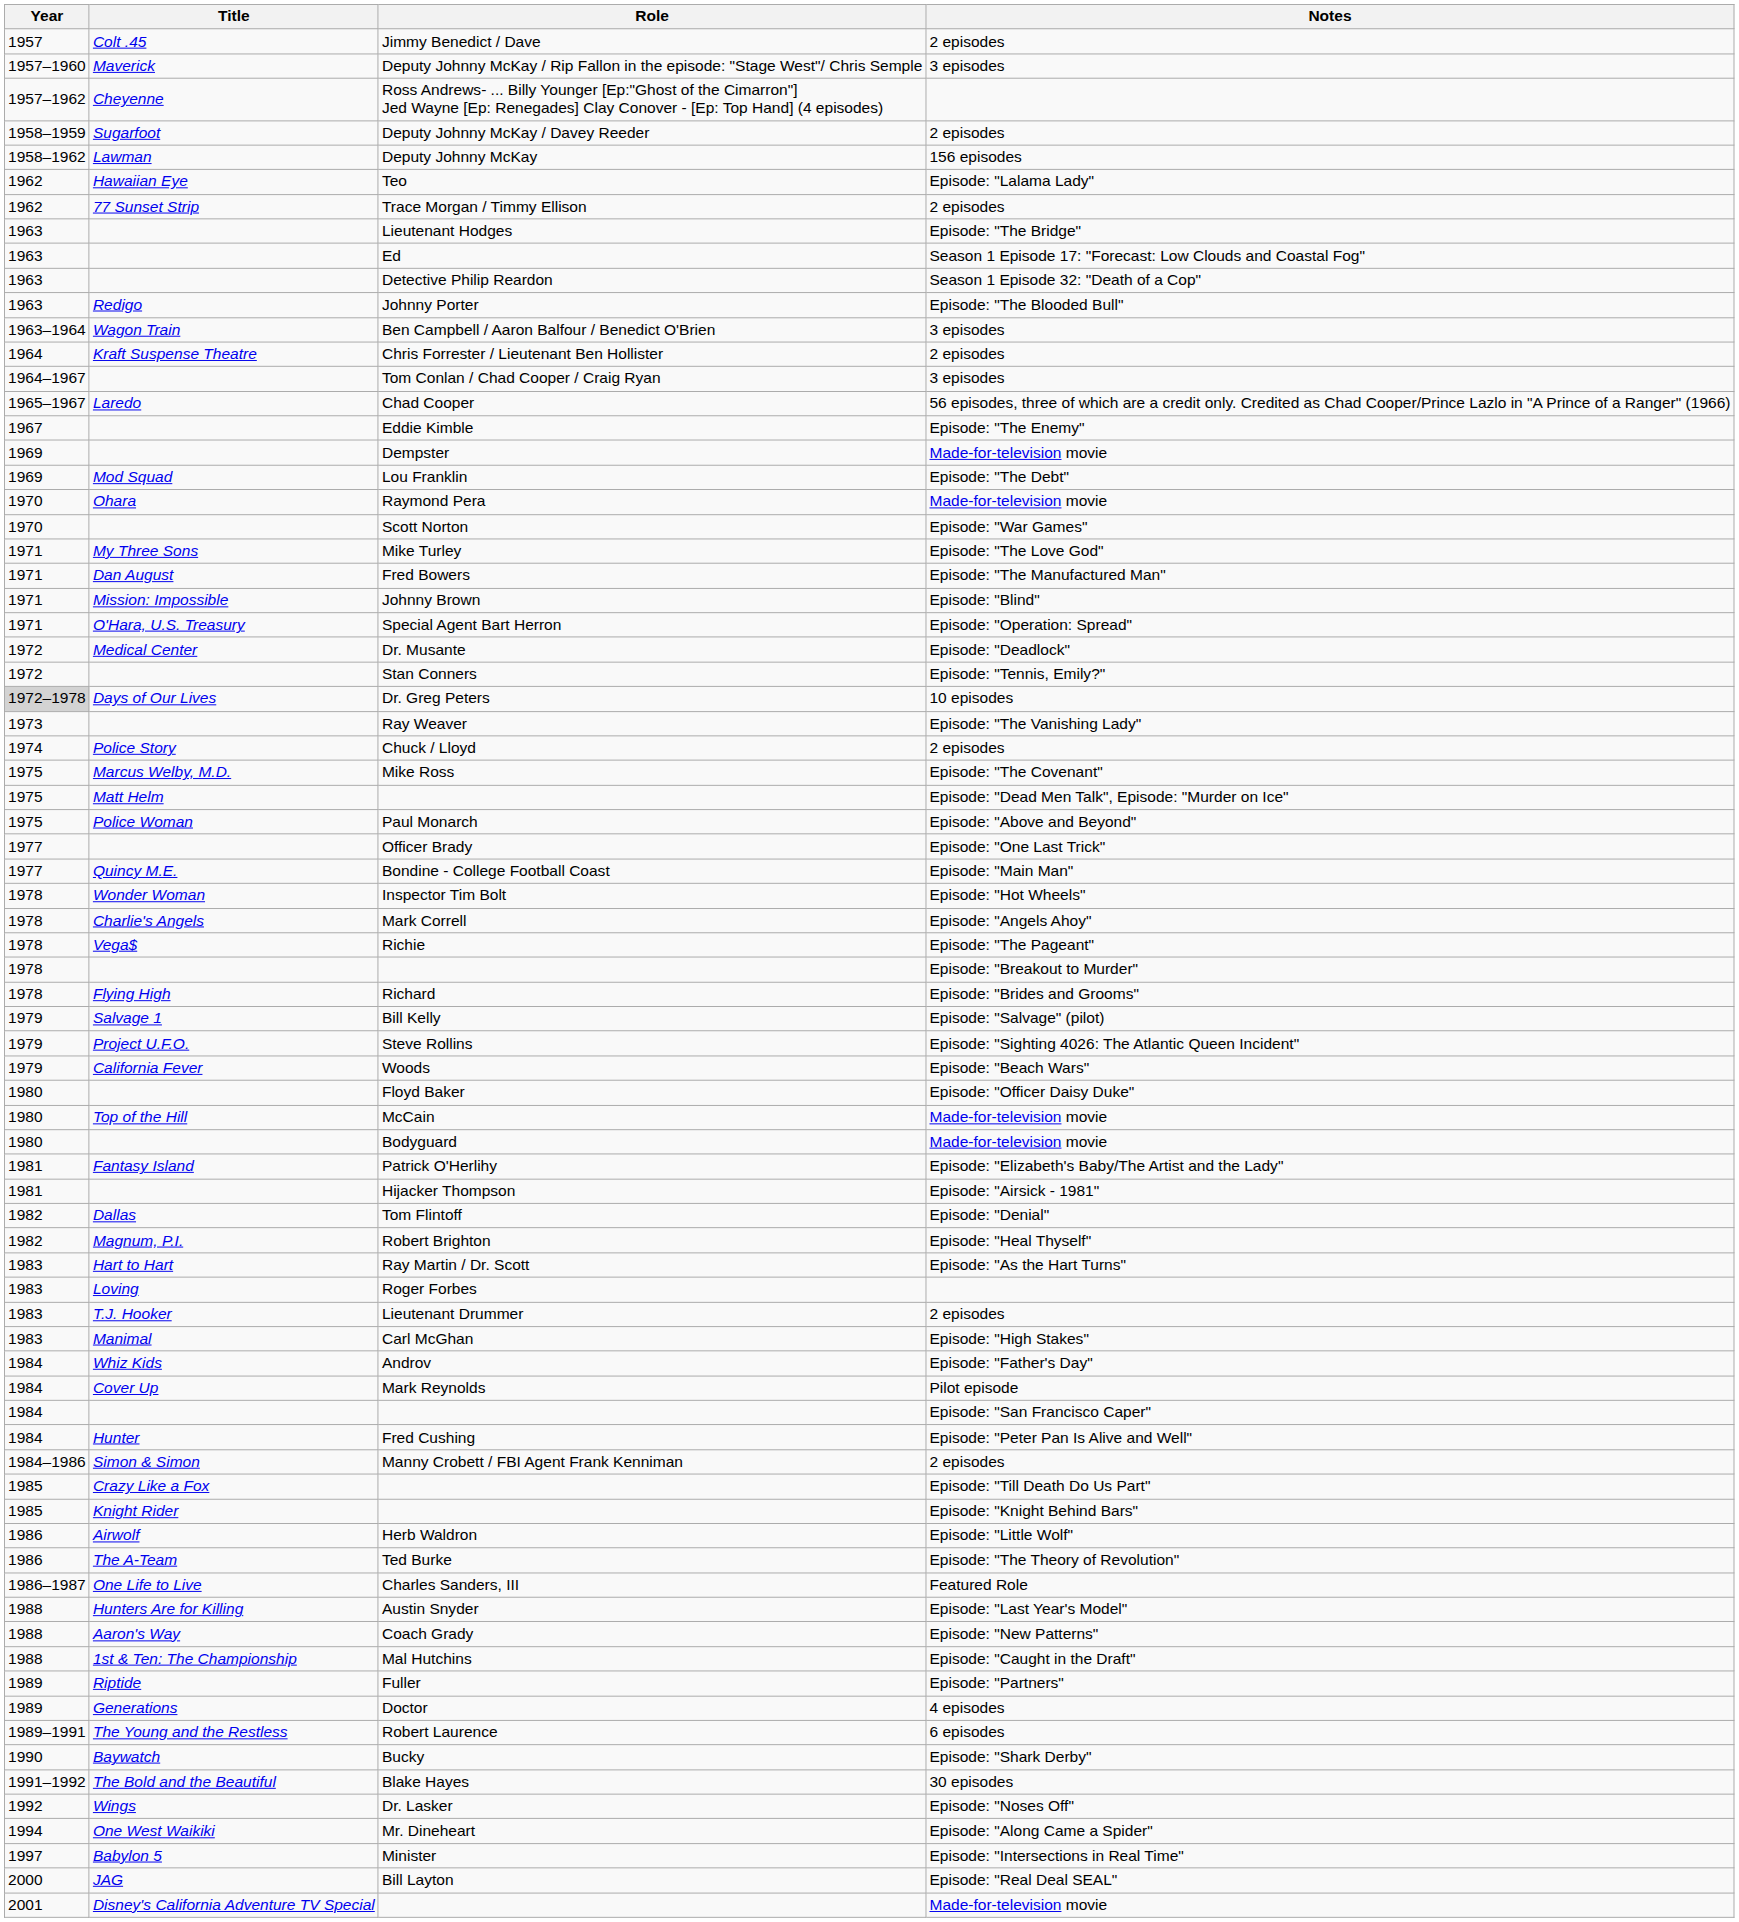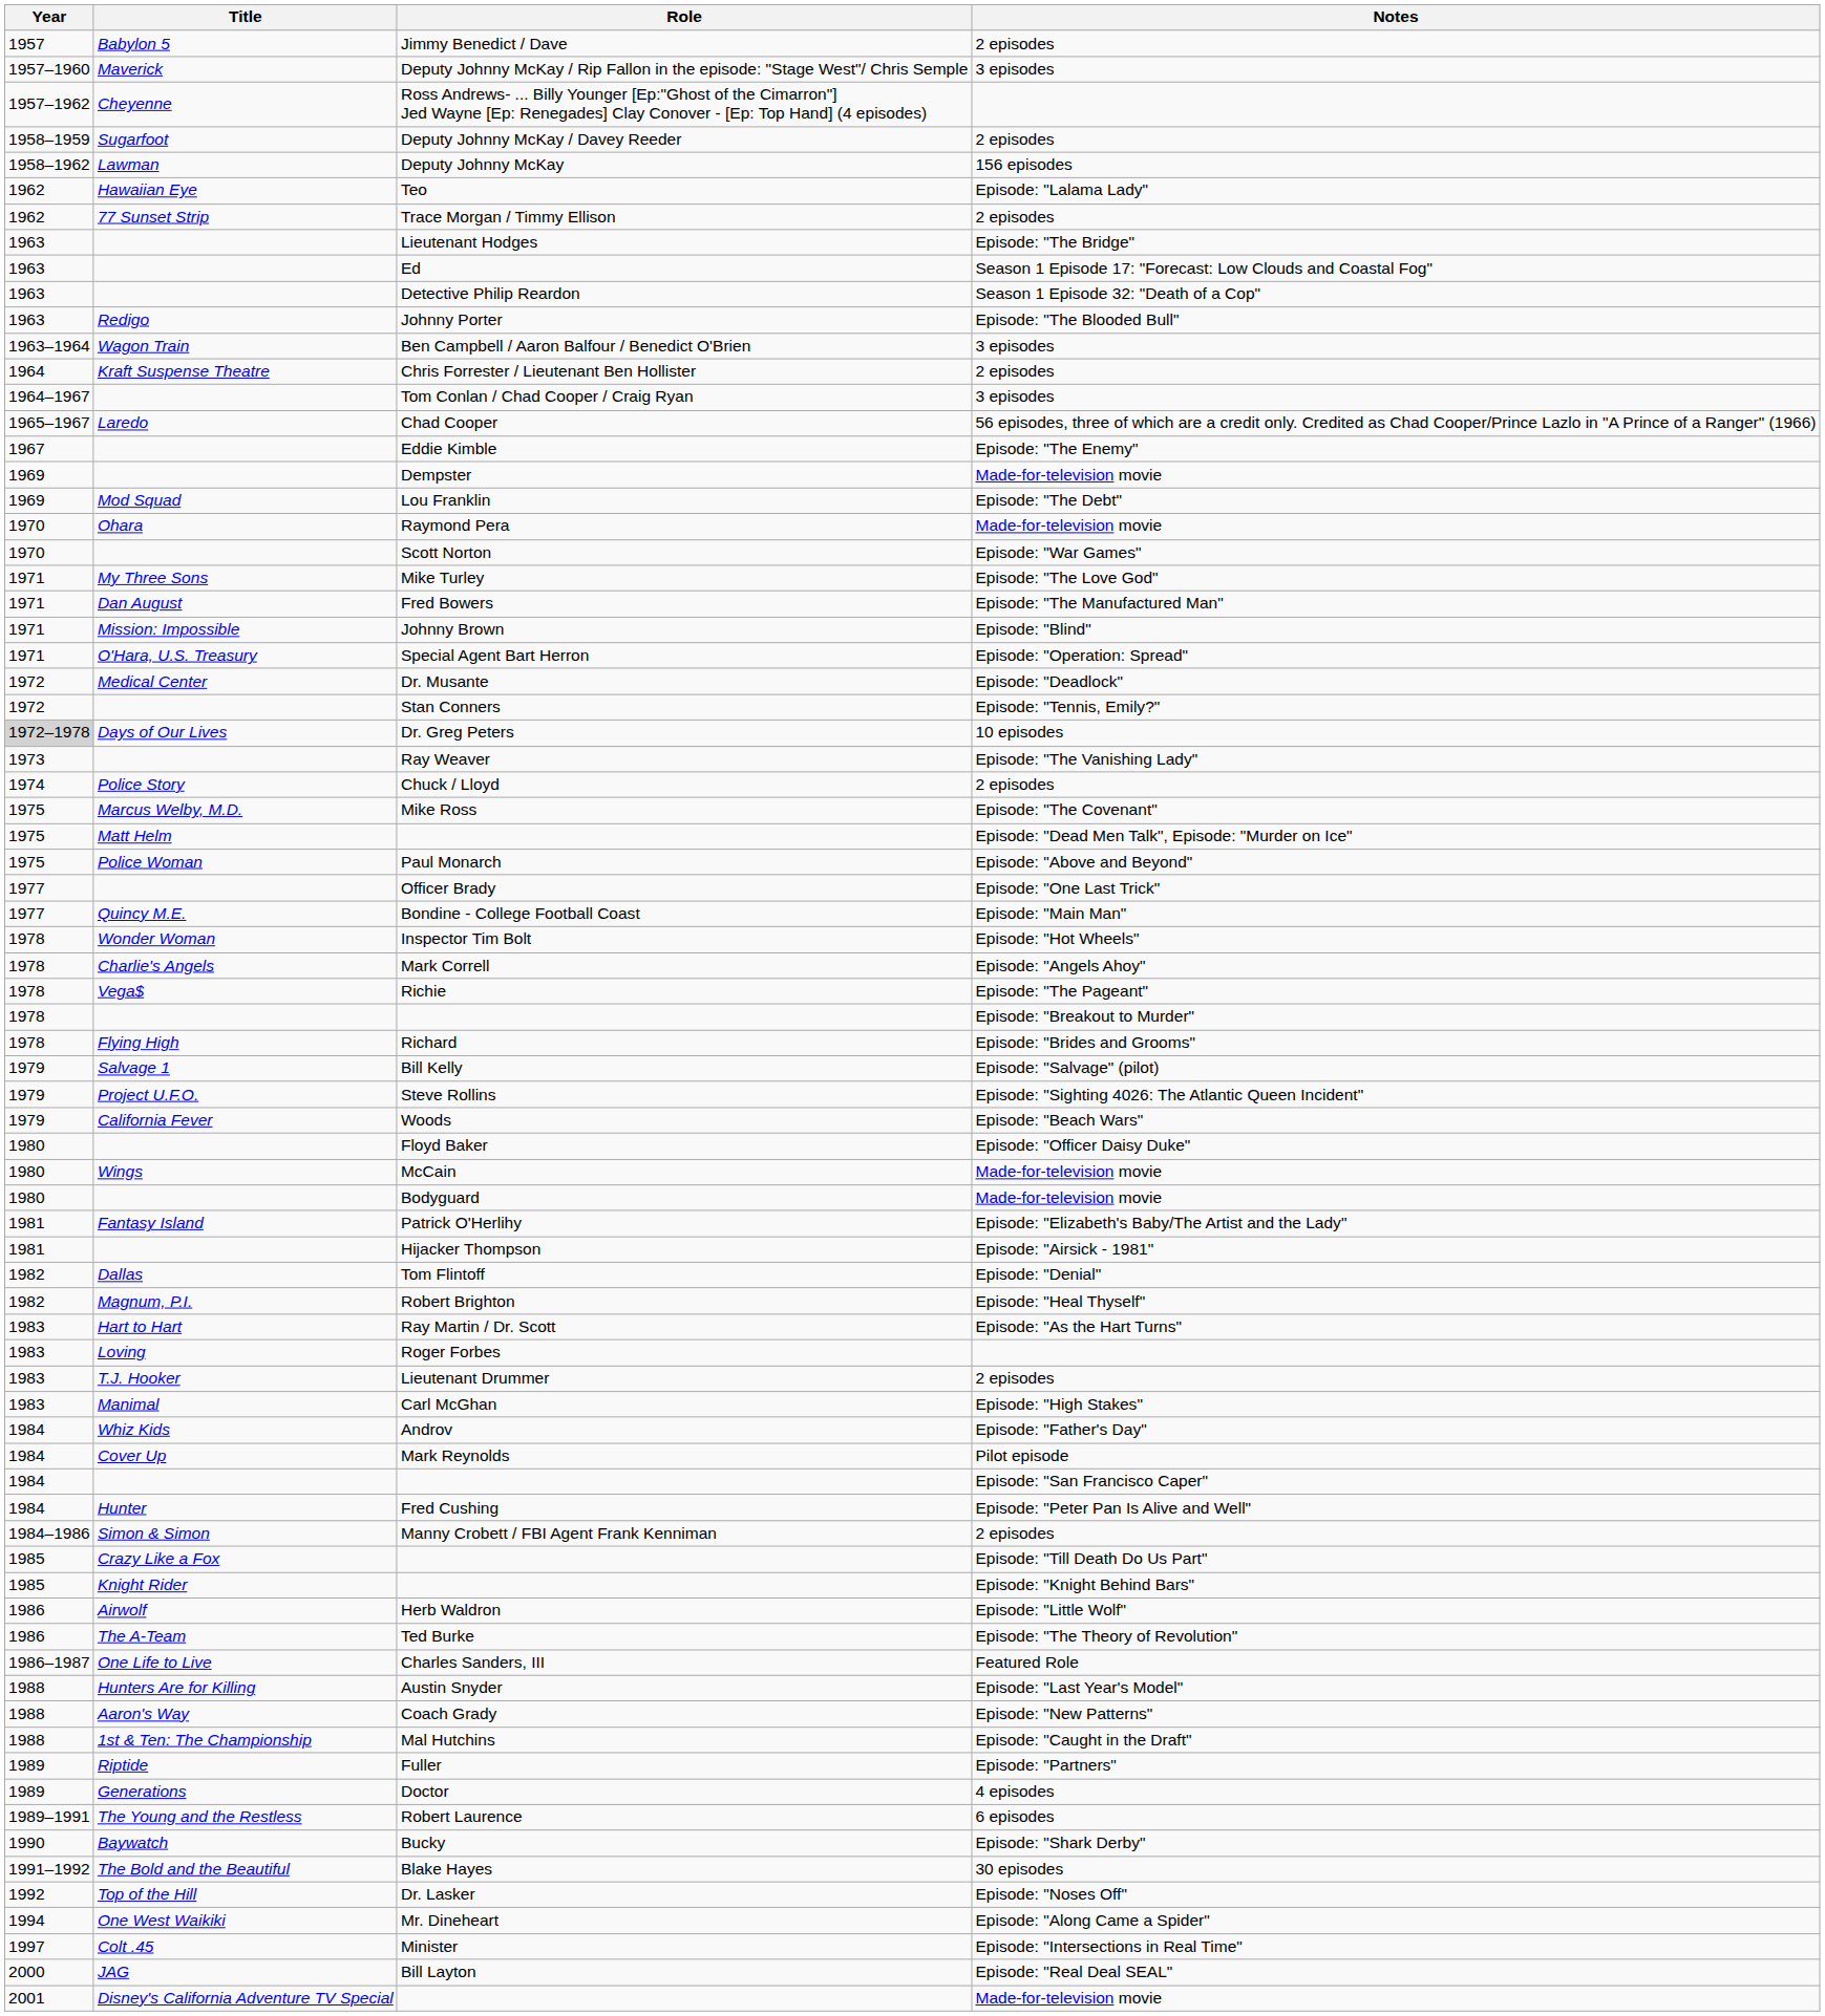 <table class="wikitable sortable">
 <tr>
 <th>Year</th>
 <th>Title</th>
 <th>Role</th>
 <th class="unsortable">Notes</th>
 </tr>
 <tr>
 <td>1957</td>
-<td><em><a href='#'>Colt .45</a></em></td>
+<td><em><a href='#'>Babylon 5</a></em></td>
 <td>Jimmy Benedict / Dave</td>
 <td>2 episodes</td>
 </tr>
 <tr>
 <td>1957–1960</td>
 <td><em><a href='#'>Maverick</a></em></td>
 <td>Deputy Johnny McKay / Rip Fallon in the episode: "Stage West"/ Chris Semple</td>
 <td>3 episodes</td>
 </tr>
 <tr>
 <td>1957–1962</td>
 <td><em><a href='#'>Cheyenne</a></em></td>
 <td>Ross Andrews- ... Billy Younger [Ep:"Ghost of the Cimarron"]<br>Jed Wayne [Ep: Renegades] Clay Conover - [Ep: Top Hand] (4 episodes)</td>
 </tr>
 <tr>
 <td>1958–1959</td>
 <td><em><a href='#'>Sugarfoot</a></em></td>
 <td>Deputy Johnny McKay / Davey Reeder</td>
 <td>2 episodes</td>
 </tr>
 <tr>
 <td>1958–1962</td>
 <td><em><a href='#'>Lawman</a></em></td>
 <td>Deputy Johnny McKay</td>
 <td>156 episodes</td>
 </tr>
 <tr>
 <td>1962</td>
 <td><em><a href='#'>Hawaiian Eye</a></em></td>
 <td>Teo</td>
 <td>Episode: "Lalama Lady"</td>
 </tr>
 <tr>
 <td>1962</td>
 <td><em><a href='#'>77 Sunset Strip</a></em></td>
 <td>Trace Morgan / Timmy Ellison</td>
 <td>2 episodes</td>
 </tr>
 <tr>
 <td>1963</td>
 <td><em></em></td>
 <td>Lieutenant Hodges</td>
 <td>Episode: "The Bridge"</td>
 </tr>
 <tr>
 <td>1963</td>
 <td><em></em></td>
 <td>Ed</td>
 <td>Season 1 Episode 17: "Forecast: Low Clouds and Coastal Fog"</td>
 </tr>
 <tr>
 <td>1963</td>
 <td><em></em></td>
 <td>Detective Philip Reardon</td>
 <td>Season 1 Episode 32: "Death of a Cop"</td>
 </tr>
 <tr>
 <td>1963</td>
 <td><em><a href='#'>Redigo</a></em></td>
 <td>Johnny Porter</td>
 <td>Episode: "The Blooded Bull"</td>
 </tr>
 <tr>
 <td>1963–1964</td>
 <td><em><a href='#'>Wagon Train</a></em></td>
 <td>Ben Campbell / Aaron Balfour / Benedict O'Brien</td>
 <td>3 episodes</td>
 </tr>
 <tr>
 <td>1964</td>
 <td><em><a href='#'>Kraft Suspense Theatre</a></em></td>
 <td>Chris Forrester / Lieutenant Ben Hollister</td>
 <td>2 episodes</td>
 </tr>
 <tr>
 <td>1964–1967</td>
 <td><em></em></td>
 <td>Tom Conlan / Chad Cooper / Craig Ryan</td>
 <td>3 episodes</td>
 </tr>
 <tr>
 <td>1965–1967</td>
 <td><em><a href='#'>Laredo</a></em></td>
 <td>Chad Cooper</td>
 <td>56 episodes, three of which are a credit only. Credited as Chad Cooper/Prince Lazlo in "A Prince of a Ranger" (1966)</td>
 </tr>
 <tr>
 <td>1967</td>
 <td><em></em></td>
 <td>Eddie Kimble</td>
 <td>Episode: "The Enemy"</td>
 </tr>
 <tr>
 <td>1969</td>
 <td><em></em></td>
 <td>Dempster</td>
 <td><a href='#'>Made-for-television</a> movie</td>
 </tr>
 <tr>
 <td>1969</td>
 <td><em><a href='#'>Mod Squad</a></em></td>
 <td>Lou Franklin</td>
 <td>Episode: "The Debt"</td>
 </tr>
 <tr>
 <td>1970</td>
 <td><em><a href='#'>Ohara</a></em></td>
 <td>Raymond Pera</td>
 <td><a href='#'>Made-for-television</a> movie</td>
 </tr>
 <tr>
 <td>1970</td>
 <td><em></em></td>
 <td>Scott Norton</td>
 <td>Episode: "War Games"</td>
 </tr>
 <tr>
 <td>1971</td>
 <td><em><a href='#'>My Three Sons</a></em></td>
 <td>Mike Turley</td>
 <td>Episode: "The Love God"</td>
 </tr>
 <tr>
 <td>1971</td>
 <td><em><a href='#'>Dan August</a></em></td>
 <td>Fred Bowers</td>
 <td>Episode: "The Manufactured Man"</td>
 </tr>
 <tr>
 <td>1971</td>
 <td><em><a href='#'>Mission: Impossible</a></em></td>
 <td>Johnny Brown</td>
 <td>Episode: "Blind"</td>
 </tr>
 <tr>
 <td>1971</td>
 <td><em><a href='#'>O'Hara, U.S. Treasury</a></em></td>
 <td>Special Agent Bart Herron</td>
 <td>Episode: "Operation: Spread"</td>
 </tr>
 <tr>
 <td>1972</td>
 <td><em><a href='#'>Medical Center</a></em></td>
 <td>Dr. Musante</td>
 <td>Episode: "Deadlock"</td>
 </tr>
 <tr>
 <td>1972</td>
 <td><em></em></td>
 <td>Stan Conners</td>
 <td>Episode: "Tennis, Emily?"</td>
 </tr>
 <tr>
 <td style="background: lightgrey;">1972–1978</td>
 <td><em><a href='#'>Days of Our Lives</a></em></td>
 <td>Dr. Greg Peters</td>
 <td>10 episodes</td>
 </tr>
 <tr>
 <td>1973</td>
 <td><em></em></td>
 <td>Ray Weaver</td>
 <td>Episode: "The Vanishing Lady"</td>
 </tr>
 <tr>
 <td>1974</td>
 <td><em><a href='#'>Police Story</a></em></td>
 <td>Chuck / Lloyd</td>
 <td>2 episodes</td>
 </tr>
 <tr>
 <td>1975</td>
 <td><em><a href='#'>Marcus Welby, M.D.</a></em></td>
 <td>Mike Ross</td>
 <td>Episode: "The Covenant"</td>
 </tr>
 <tr>
 <td>1975</td>
 <td><em><a href='#'>Matt Helm</a></em></td>
 <td></td>
 <td>Episode: "Dead Men Talk", Episode: "Murder on Ice"</td>
 </tr>
 <tr>
 <td>1975</td>
 <td><em><a href='#'>Police Woman</a></em></td>
 <td>Paul Monarch</td>
 <td>Episode: "Above and Beyond"</td>
 </tr>
 <tr>
 <td>1977</td>
 <td><em></em></td>
 <td>Officer Brady</td>
 <td>Episode: "One Last Trick"</td>
 </tr>
 <tr>
 <td>1977</td>
 <td><em><a href='#'>Quincy M.E.</a></em></td>
 <td>Bondine - College Football Coast</td>
 <td>Episode: "Main Man"</td>
 </tr>
 <tr>
 <td>1978</td>
 <td><em><a href='#'>Wonder Woman</a></em></td>
 <td>Inspector Tim Bolt</td>
 <td>Episode: "Hot Wheels"</td>
 </tr>
 <tr>
 <td>1978</td>
 <td><em><a href='#'>Charlie's Angels</a></em></td>
 <td>Mark Correll</td>
 <td>Episode: "Angels Ahoy"</td>
 </tr>
 <tr>
 <td>1978</td>
 <td><em><a href='#'>Vega$</a></em></td>
 <td>Richie</td>
 <td>Episode: "The Pageant"</td>
 </tr>
 <tr>
 <td>1978</td>
 <td><em></em></td>
 <td></td>
 <td>Episode: "Breakout to Murder"</td>
 </tr>
 <tr>
 <td>1978</td>
 <td><em><a href='#'>Flying High</a></em></td>
 <td>Richard</td>
 <td>Episode: "Brides and Grooms"</td>
 </tr>
 <tr>
 <td>1979</td>
 <td><em><a href='#'>Salvage 1</a></em></td>
 <td>Bill Kelly</td>
 <td>Episode: "Salvage" (pilot)</td>
 </tr>
 <tr>
 <td>1979</td>
 <td><em><a href='#'>Project U.F.O.</a></em></td>
 <td>Steve Rollins</td>
 <td>Episode: "Sighting 4026: The Atlantic Queen Incident"</td>
 </tr>
 <tr>
 <td>1979</td>
 <td><em><a href='#'>California Fever</a></em></td>
 <td>Woods</td>
 <td>Episode: "Beach Wars"</td>
 </tr>
 <tr>
 <td>1980</td>
 <td><em></em></td>
 <td>Floyd Baker</td>
 <td>Episode: "Officer Daisy Duke"</td>
 </tr>
 <tr>
 <td>1980</td>
-<td><em><a href='#'>Top of the Hill</a></em></td>
+<td><em><a href='#'>Wings</a></em></td>
 <td>McCain</td>
 <td><a href='#'>Made-for-television</a> movie</td>
 </tr>
 <tr>
 <td>1980</td>
 <td><em></em></td>
 <td>Bodyguard</td>
 <td><a href='#'>Made-for-television</a> movie</td>
 </tr>
 <tr>
 <td>1981</td>
 <td><em><a href='#'>Fantasy Island</a></em></td>
 <td>Patrick O'Herlihy</td>
 <td>Episode: "Elizabeth's Baby/The Artist and the Lady"</td>
 </tr>
 <tr>
 <td>1981</td>
 <td><em></em></td>
 <td>Hijacker Thompson</td>
 <td>Episode: "Airsick - 1981"</td>
 </tr>
 <tr>
 <td>1982</td>
 <td><em><a href='#'>Dallas</a></em></td>
 <td>Tom Flintoff</td>
 <td>Episode: "Denial"</td>
 </tr>
 <tr>
 <td>1982</td>
 <td><em><a href='#'>Magnum, P.I.</a></em></td>
 <td>Robert Brighton</td>
 <td>Episode: "Heal Thyself"</td>
 </tr>
 <tr>
 <td>1983</td>
 <td><em><a href='#'>Hart to Hart</a></em></td>
 <td>Ray Martin / Dr. Scott</td>
 <td>Episode: "As the Hart Turns"</td>
 </tr>
 <tr>
 <td>1983</td>
 <td><em><a href='#'>Loving</a></em></td>
 <td>Roger Forbes</td>
 <td></td>
 </tr>
 <tr>
 <td>1983</td>
 <td><em><a href='#'>T.J. Hooker</a></em></td>
 <td>Lieutenant Drummer</td>
 <td>2 episodes</td>
 </tr>
 <tr>
 <td>1983</td>
 <td><em><a href='#'>Manimal</a></em></td>
 <td>Carl McGhan</td>
 <td>Episode: "High Stakes"</td>
 </tr>
 <tr>
 <td>1984</td>
 <td><em><a href='#'>Whiz Kids</a></em></td>
 <td>Androv</td>
 <td>Episode: "Father's Day"</td>
 </tr>
 <tr>
 <td>1984</td>
 <td><em><a href='#'>Cover Up</a></em></td>
 <td>Mark Reynolds</td>
 <td>Pilot episode</td>
 </tr>
 <tr>
 <td>1984</td>
 <td><em></em></td>
 <td></td>
 <td>Episode: "San Francisco Caper"</td>
 </tr>
 <tr>
 <td>1984</td>
 <td><em><a href='#'>Hunter</a></em></td>
 <td>Fred Cushing</td>
 <td>Episode: "Peter Pan Is Alive and Well"</td>
 </tr>
 <tr>
 <td>1984–1986</td>
 <td><em><a href='#'>Simon & Simon</a></em></td>
 <td>Manny Crobett / FBI Agent Frank Kenniman</td>
 <td>2 episodes</td>
 </tr>
 <tr>
 <td>1985</td>
 <td><em><a href='#'>Crazy Like a Fox</a></em></td>
 <td></td>
 <td>Episode: "Till Death Do Us Part"</td>
 </tr>
 <tr>
 <td>1985</td>
 <td><em><a href='#'>Knight Rider</a></em></td>
 <td></td>
 <td>Episode: "Knight Behind Bars"</td>
 </tr>
 <tr>
 <td>1986</td>
 <td><em><a href='#'>Airwolf</a></em></td>
 <td>Herb Waldron</td>
 <td>Episode: "Little Wolf"</td>
 </tr>
 <tr>
 <td>1986</td>
 <td><em><a href='#'>The A-Team</a></em></td>
 <td>Ted Burke</td>
 <td>Episode: "The Theory of Revolution"</td>
 </tr>
 <tr>
 <td>1986–1987</td>
 <td><em><a href='#'>One Life to Live</a></em></td>
 <td>Charles Sanders, III</td>
 <td>Featured Role</td>
 </tr>
 <tr>
 <td>1988</td>
 <td><em><a href='#'>Hunters Are for Killing</a></em></td>
 <td>Austin Snyder</td>
 <td>Episode: "Last Year's Model"</td>
 </tr>
 <tr>
 <td>1988</td>
 <td><em><a href='#'>Aaron's Way</a></em></td>
 <td>Coach Grady</td>
 <td>Episode: "New Patterns"</td>
 </tr>
 <tr>
 <td>1988</td>
 <td><em><a href='#'>1st & Ten: The Championship</a></em></td>
 <td>Mal Hutchins</td>
 <td>Episode: "Caught in the Draft"</td>
 </tr>
 <tr>
 <td>1989</td>
 <td><em><a href='#'>Riptide</a></em></td>
 <td>Fuller</td>
 <td>Episode: "Partners"</td>
 </tr>
 <tr>
 <td>1989</td>
 <td><em><a href='#'>Generations</a></em></td>
 <td>Doctor</td>
 <td>4 episodes</td>
 </tr>
 <tr>
 <td>1989–1991</td>
 <td><em><a href='#'>The Young and the Restless</a></em></td>
 <td>Robert Laurence</td>
 <td>6 episodes</td>
 </tr>
 <tr>
 <td>1990</td>
 <td><em><a href='#'>Baywatch</a></em></td>
 <td>Bucky</td>
 <td>Episode: "Shark Derby"</td>
 </tr>
 <tr>
 <td>1991–1992</td>
 <td><em><a href='#'>The Bold and the Beautiful</a></em></td>
 <td>Blake Hayes</td>
 <td>30 episodes</td>
 </tr>
 <tr>
 <td>1992</td>
-<td><em><a href='#'>Wings</a></em></td>
+<td><em><a href='#'>Top of the Hill</a></em></td>
 <td>Dr. Lasker</td>
 <td>Episode: "Noses Off"</td>
 </tr>
 <tr>
 <td>1994</td>
 <td><em><a href='#'>One West Waikiki</a></em></td>
 <td>Mr. Dineheart</td>
 <td>Episode: "Along Came a Spider"</td>
 </tr>
 <tr>
 <td>1997</td>
-<td><em><a href='#'>Babylon 5</a></em></td>
+<td><em><a href='#'>Colt .45</a></em></td>
 <td>Minister</td>
 <td>Episode: "Intersections in Real Time"</td>
 </tr>
 <tr>
 <td>2000</td>
 <td><em><a href='#'>JAG</a></em></td>
 <td>Bill Layton</td>
 <td>Episode: "Real Deal SEAL"</td>
 </tr>
 <tr>
 <td>2001</td>
 <td><em><a href='#'>Disney's California Adventure TV Special</a></em></td>
 <td></td>
 <td><a href='#'>Made-for-television</a> movie</td>
 </tr>
 </table>
